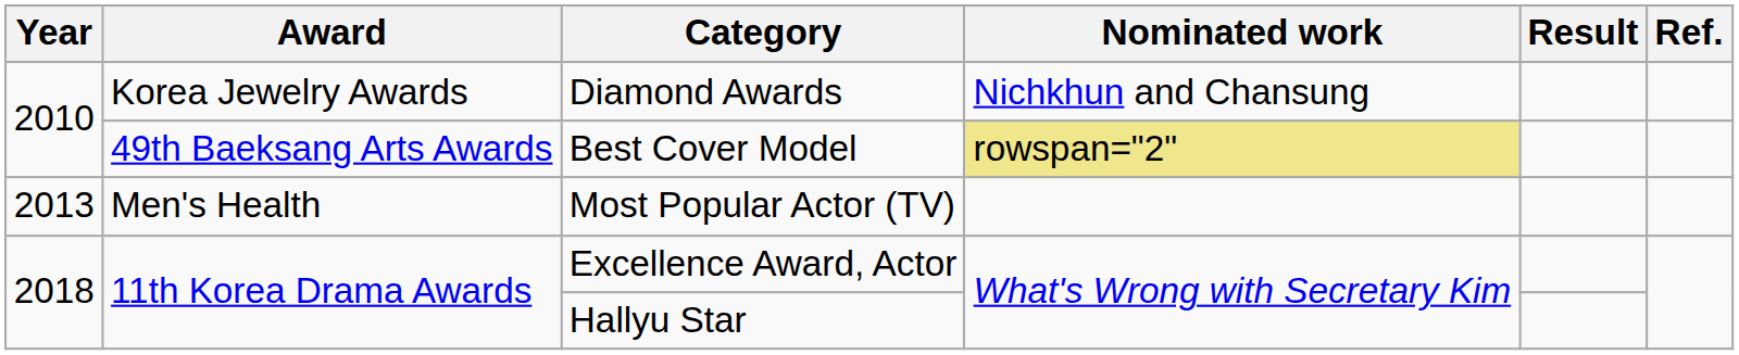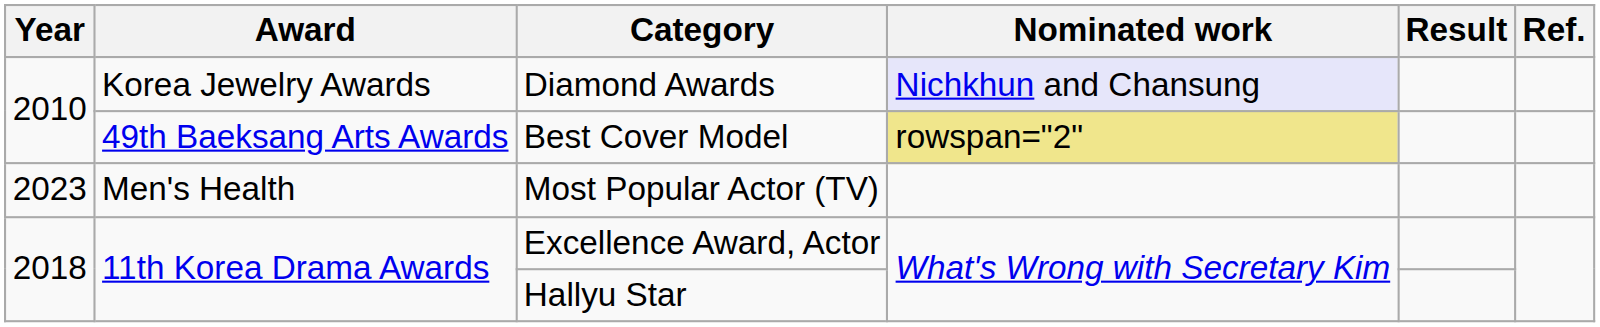 <table class="wikitable">
 <tr>
 <th>Year</th>
 <th>Award</th>
 <th>Category</th>
 <th>Nominated work</th>
 <th>Result</th>
 <th>Ref.</th>
 </tr>
 <tr>
 <td rowspan="2">2010</td>
 <td>Korea Jewelry Awards</td>
 <td>Diamond Awards</td>
-<td><a href='#'>Nichkhun</a> and Chansung</td>
+<td style="background: lavender;"><a href='#'>Nichkhun</a> and Chansung</td>
 <td></td>
 <td></td>
 </tr>
 <tr>
 <td><a href='#'>49th Baeksang Arts Awards</a></td>
 <td>Best Cover Model</td>
 <td style="background: khaki;">rowspan="2" </td>
 <td></td>
 <td></td>
 </tr>
 <tr>
-<td>2013</td>
+<td>2023</td>
 <td>Men's Health</td>
 <td>Most Popular Actor (TV)</td>
 <td></td>
 <td></td>
 </tr>
 <tr>
 <td rowspan="2">2018</td>
 <td rowspan="2"><a href='#'>11th Korea Drama Awards</a></td>
 <td>Excellence Award, Actor</td>
 <td rowspan=2><em><a href='#'>What's Wrong with Secretary Kim</a></em></td>
 <td></td>
 <td rowspan="2"></td>
 </tr>
 <tr>
 <td>Hallyu Star</td>
 <td></td>
 </tr>
 </table>
